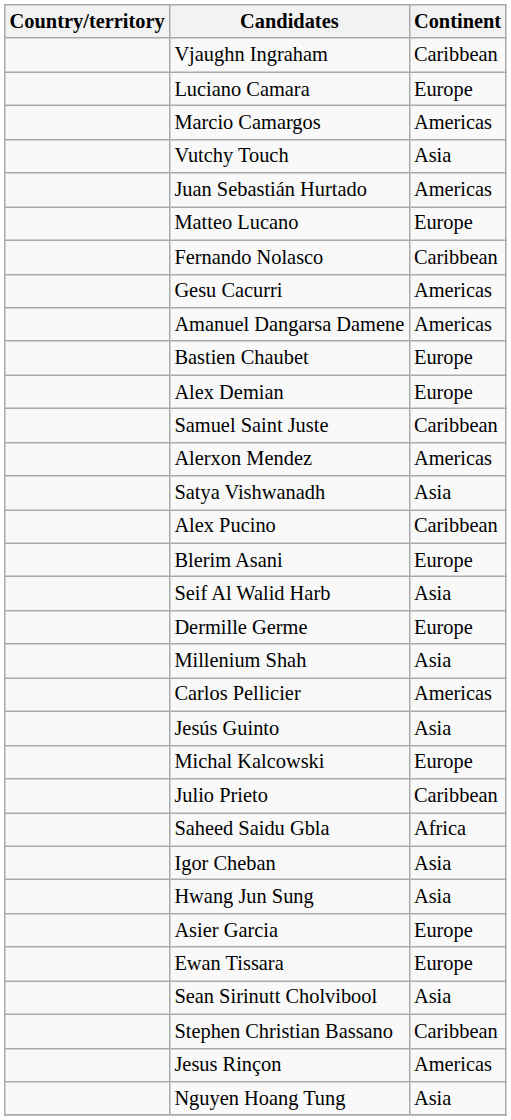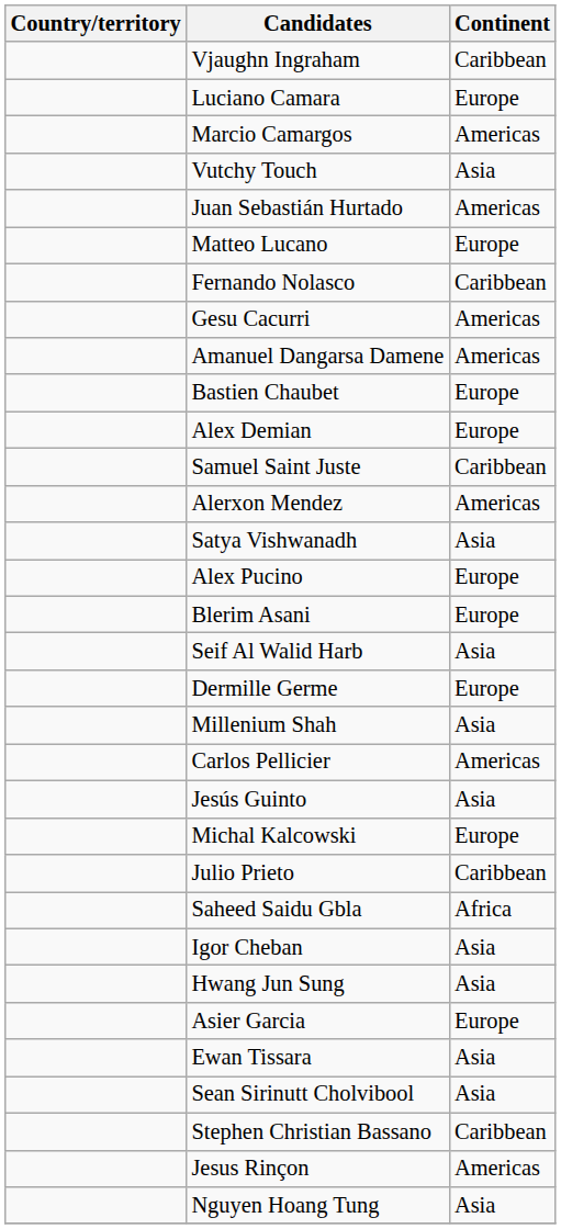 <table class="wikitable sortable" style="font-size: 85%;">
 <tr>
 <th>Country/territory</th>
 <th>Candidates</th>
 <th>Continent</th>
 </tr>
 <tr>
 <td></td>
 <td>Vjaughn Ingraham</td>
 <td>Caribbean</td>
 </tr>
 <tr>
 <td></td>
 <td>Luciano Camara</td>
 <td>Europe</td>
 </tr>
 <tr>
 <td></td>
 <td>Marcio Camargos</td>
 <td>Americas</td>
 </tr>
 <tr>
 <td></td>
 <td>Vutchy Touch</td>
 <td>Asia</td>
 </tr>
 <tr>
 <td></td>
 <td>Juan Sebastián Hurtado</td>
 <td>Americas</td>
 </tr>
 <tr>
 <td></td>
 <td>Matteo Lucano</td>
 <td>Europe</td>
 </tr>
 <tr>
 <td></td>
 <td>Fernando Nolasco</td>
 <td>Caribbean</td>
 </tr>
 <tr>
 <td></td>
 <td>Gesu Cacurri</td>
 <td>Americas</td>
 </tr>
 <tr>
 <td></td>
 <td>Amanuel Dangarsa Damene</td>
 <td>Americas</td>
 </tr>
 <tr>
 <td></td>
 <td>Bastien Chaubet</td>
 <td>Europe</td>
 </tr>
 <tr>
 <td></td>
 <td>Alex Demian</td>
 <td>Europe</td>
 </tr>
 <tr>
 <td></td>
 <td>Samuel Saint Juste</td>
 <td>Caribbean</td>
 </tr>
 <tr>
 <td></td>
 <td>Alerxon Mendez</td>
 <td>Americas</td>
 </tr>
 <tr>
 <td></td>
 <td>Satya Vishwanadh</td>
 <td>Asia</td>
 </tr>
 <tr>
 <td></td>
 <td>Alex Pucino</td>
-<td>Caribbean</td>
+<td>Europe</td>
 </tr>
 <tr>
 <td></td>
 <td>Blerim Asani</td>
 <td>Europe</td>
 </tr>
 <tr>
 <td></td>
 <td>Seif Al Walid Harb</td>
 <td>Asia</td>
 </tr>
 <tr>
 <td></td>
 <td>Dermille Germe</td>
 <td>Europe</td>
 </tr>
 <tr>
 <td></td>
 <td>Millenium Shah</td>
 <td>Asia</td>
 </tr>
 <tr>
 <td></td>
 <td>Carlos Pellicier</td>
 <td>Americas</td>
 </tr>
 <tr>
 <td></td>
 <td>Jesús Guinto</td>
 <td>Asia</td>
 </tr>
 <tr>
 <td></td>
 <td>Michal Kalcowski</td>
 <td>Europe</td>
 </tr>
 <tr>
 <td></td>
 <td>Julio Prieto</td>
 <td>Caribbean</td>
 </tr>
 <tr>
 <td></td>
 <td>Saheed Saidu Gbla</td>
 <td>Africa</td>
 </tr>
 <tr>
 <td></td>
 <td>Igor Cheban</td>
 <td>Asia</td>
 </tr>
 <tr>
 <td></td>
 <td>Hwang Jun Sung</td>
 <td>Asia</td>
 </tr>
 <tr>
 <td></td>
 <td>Asier Garcia</td>
 <td>Europe</td>
 </tr>
 <tr>
 <td></td>
 <td>Ewan Tissara</td>
-<td>Europe</td>
+<td>Asia</td>
 </tr>
 <tr>
 <td></td>
 <td>Sean Sirinutt Cholvibool</td>
 <td>Asia</td>
 </tr>
 <tr>
 <td></td>
 <td>Stephen Christian Bassano</td>
 <td>Caribbean</td>
 </tr>
 <tr>
 <td></td>
 <td>Jesus Rinçon</td>
 <td>Americas</td>
 </tr>
 <tr>
 <td></td>
 <td>Nguyen Hoang Tung</td>
 <td>Asia</td>
 </tr>
 <tr>
 </tr>
 </table>
